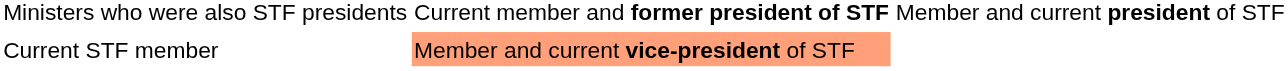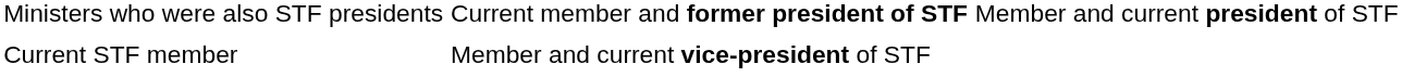 <table style="margin-bottom: 10px;">
 <tr>
 <td><small> Ministers who were also STF presidents </small></td>
 <td><small> Current member and <strong>former president of STF</strong></small></td>
 <td><small> Member and current <strong>president</strong> of STF</small></td>
 </tr>
 <tr>
 <td><small> Current STF member</small></td>
-<td style="background: lightsalmon;"><small> Member and current <strong>vice-president</strong> of STF</small></td>
+<td><small> Member and current <strong>vice-president</strong> of STF</small></td>
 </tr>
 </table>
